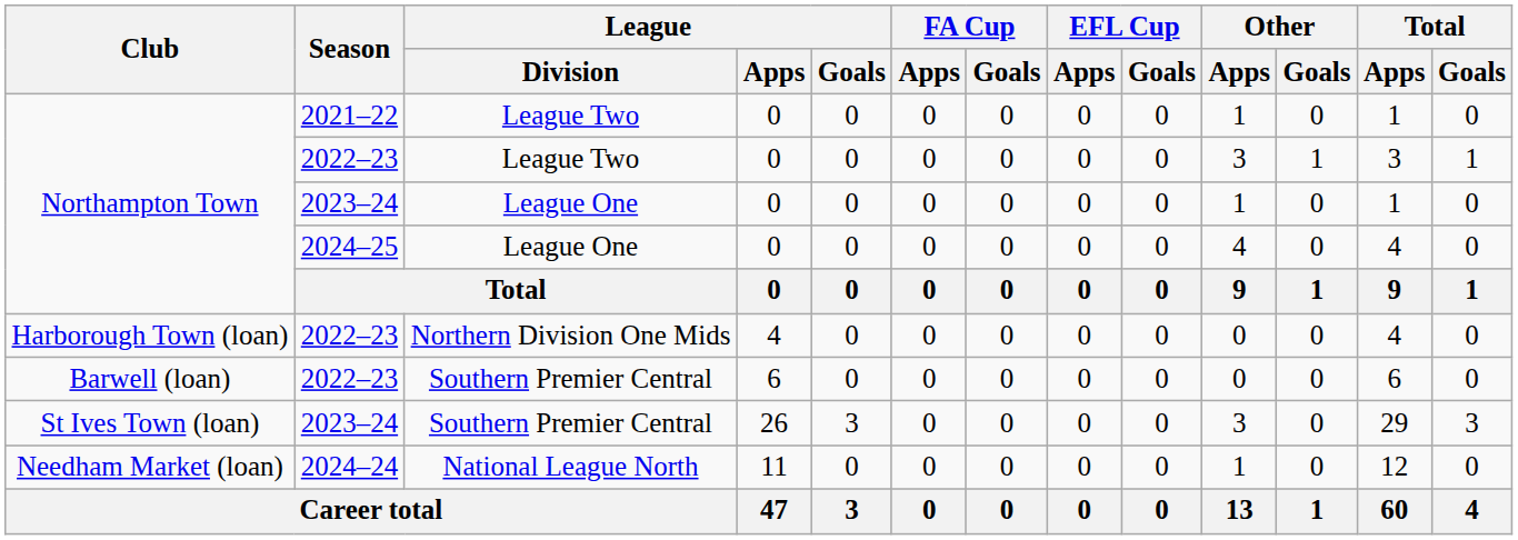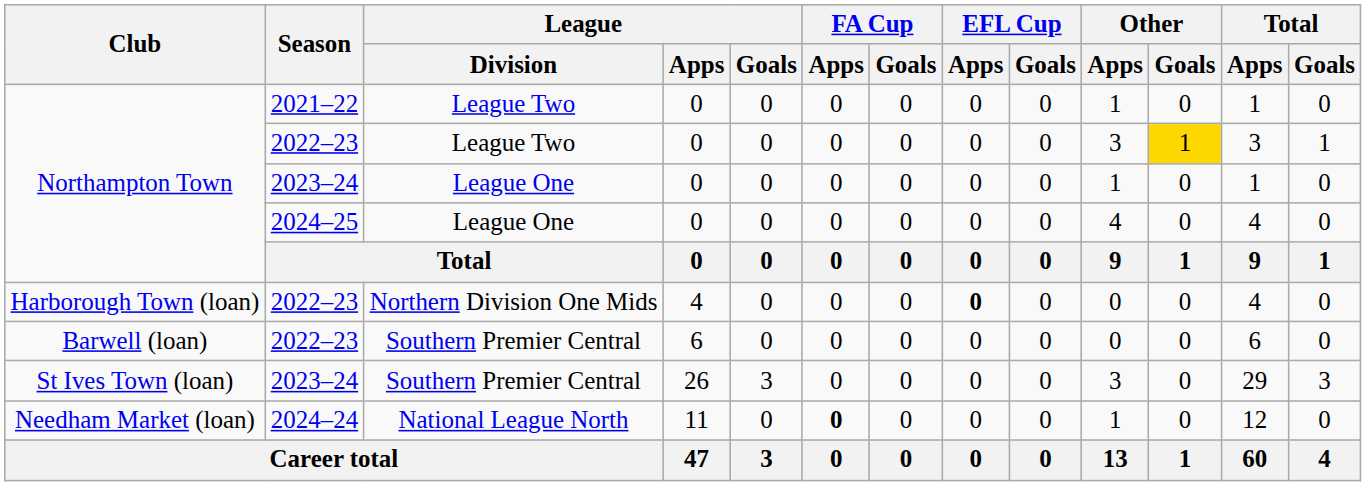 <table class="wikitable" style="text-align:center;">
 <tr>
 <th rowspan="2">Club</th>
 <th rowspan="2">Season</th>
 <th colspan="3">League</th>
 <th colspan="2"><a href='#'>FA Cup</a></th>
 <th colspan="2"><a href='#'>EFL Cup</a></th>
 <th colspan="2">Other</th>
 <th colspan="2">Total</th>
 </tr>
 <tr>
 <th>Division</th>
 <th>Apps</th>
 <th>Goals</th>
 <th>Apps</th>
 <th>Goals</th>
 <th>Apps</th>
 <th>Goals</th>
 <th>Apps</th>
 <th>Goals</th>
 <th>Apps</th>
 <th>Goals</th>
 </tr>
 <tr>
 <td rowspan="5"><a href='#'>Northampton Town</a></td>
 <td><a href='#'>2021–22</a></td>
 <td><a href='#'>League Two</a></td>
 <td>0</td>
 <td>0</td>
 <td>0</td>
 <td>0</td>
 <td>0</td>
 <td>0</td>
 <td>1</td>
 <td>0</td>
 <td>1</td>
 <td>0</td>
 </tr>
 <tr>
 <td><a href='#'>2022–23</a></td>
 <td>League Two</td>
 <td>0</td>
 <td>0</td>
 <td>0</td>
 <td>0</td>
 <td>0</td>
 <td>0</td>
 <td>3</td>
-<td>1</td>
+<td style="background: gold;">1</td>
 <td>3</td>
 <td>1</td>
 </tr>
 <tr>
 <td><a href='#'>2023–24</a></td>
 <td><a href='#'>League One</a></td>
 <td>0</td>
 <td>0</td>
 <td>0</td>
 <td>0</td>
 <td>0</td>
 <td>0</td>
 <td>1</td>
 <td>0</td>
 <td>1</td>
 <td>0</td>
 </tr>
 <tr>
 <td><a href='#'>2024–25</a></td>
 <td>League One</td>
 <td>0</td>
 <td>0</td>
 <td>0</td>
 <td>0</td>
 <td>0</td>
 <td>0</td>
 <td>4</td>
 <td>0</td>
 <td>4</td>
 <td>0</td>
 </tr>
 <tr>
 <th colspan="2">Total</th>
 <th>0</th>
 <th>0</th>
 <th>0</th>
 <th>0</th>
 <th>0</th>
 <th>0</th>
 <th>9</th>
 <th>1</th>
 <th>9</th>
 <th>1</th>
 </tr>
 <tr>
 <td><a href='#'>Harborough Town</a> (loan)</td>
 <td><a href='#'>2022–23</a></td>
 <td><a href='#'>Northern</a> Division One Mids</td>
 <td>4</td>
 <td>0</td>
 <td>0</td>
 <td>0</td>
-<td>0</td>
+<td><strong>0</strong></td>
 <td>0</td>
 <td>0</td>
 <td>0</td>
 <td>4</td>
 <td>0</td>
 </tr>
 <tr>
 <td><a href='#'>Barwell</a> (loan)</td>
 <td><a href='#'>2022–23</a></td>
 <td><a href='#'>Southern</a> Premier Central</td>
 <td>6</td>
 <td>0</td>
 <td>0</td>
 <td>0</td>
 <td>0</td>
 <td>0</td>
 <td>0</td>
 <td>0</td>
 <td>6</td>
 <td>0</td>
 </tr>
 <tr>
 <td><a href='#'>St Ives Town</a> (loan)</td>
 <td><a href='#'>2023–24</a></td>
 <td><a href='#'>Southern</a> Premier Central</td>
 <td>26</td>
 <td>3</td>
 <td>0</td>
 <td>0</td>
 <td>0</td>
 <td>0</td>
 <td>3</td>
 <td>0</td>
 <td>29</td>
 <td>3</td>
 </tr>
 <tr>
 <td><a href='#'>Needham Market</a> (loan)</td>
 <td><a href='#'>2024–24</a></td>
 <td><a href='#'>National League North</a></td>
 <td>11</td>
 <td>0</td>
-<td>0</td>
+<td><strong>0</strong></td>
 <td>0</td>
 <td>0</td>
 <td>0</td>
 <td>1</td>
 <td>0</td>
 <td>12</td>
 <td>0</td>
 </tr>
 <tr>
 <th colspan="3">Career total</th>
 <th>47</th>
 <th>3</th>
 <th>0</th>
 <th>0</th>
 <th>0</th>
 <th>0</th>
 <th>13</th>
 <th>1</th>
 <th>60</th>
 <th>4</th>
 </tr>
 </table>
